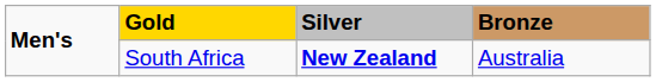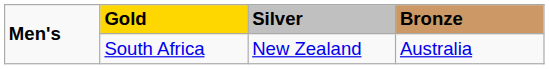 <table class="wikitable">
 <tr>
 <td rowspan=2 width=75><strong>Men's</strong></td>
 <td !align="center" bgcolor="gold" width=120><strong>Gold</strong></td>
 <td !align="center" bgcolor="silver" width=120><strong>Silver</strong></td>
 <td !align="center" bgcolor="CC9966" width=120><strong>Bronze</strong></td>
 </tr>
 <tr>
 <td> <a href='#'>South Africa</a><br></td>
-<td><strong> <a href='#'>New Zealand</a><br></strong></td>
+<td> <a href='#'>New Zealand</a><br></td>
 <td> <a href='#'>Australia</a><br></td>
 </tr>
 </table>
